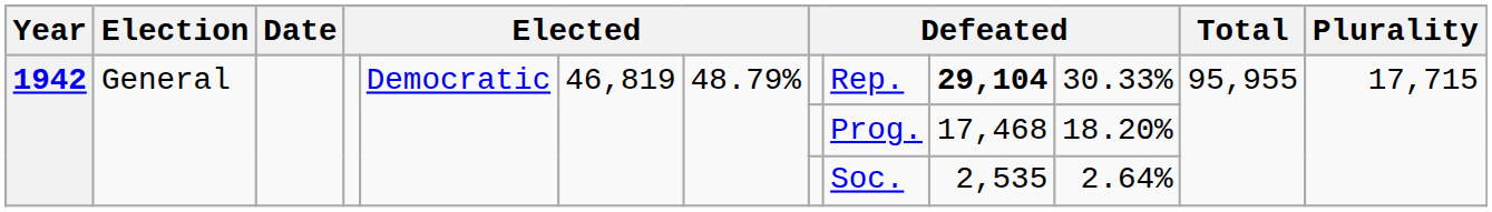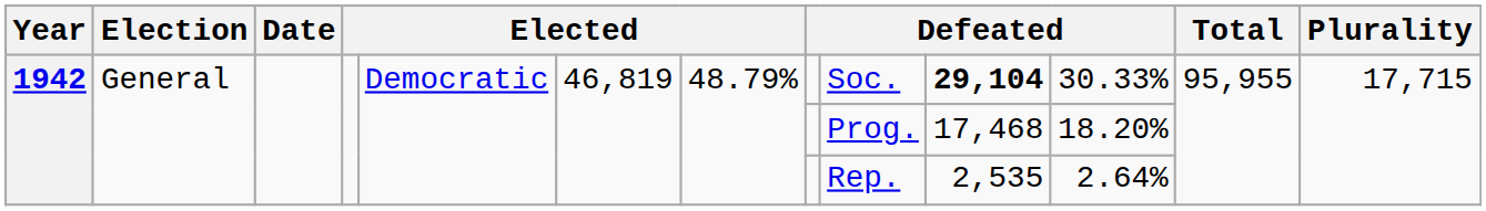 <table class=wikitable>
 <tr>
 <th>Year</th>
 <th>Election</th>
 <th>Date</th>
 <th ! colspan="4">Elected</th>
 <th ! colspan="4">Defeated</th>
 <th>Total</th>
 <th>Plurality</th>
 </tr>
 <tr>
 <th rowspan="3" valign="top"><a href='#'>1942</a></th>
 <td rowspan="3" valign="top">General</td>
 <td rowspan="3" valign="top"></td>
 <td rowspan="3" valign="top"></td>
 <td rowspan="3" valign="top" ><a href='#'>Democratic</a></td>
 <td rowspan="3" valign="top" align="right">46,819</td>
 <td rowspan="3" valign="top" align="right">48.79%</td>
 <td valign="top"></td>
-<td valign="top" ><a href='#'>Rep.</a></td>
+<td valign="top" ><a href='#'>Soc.</a></td>
 <td valign="top" align="right"><strong>29,104</strong></td>
 <td valign="top" align="right">30.33%</td>
 <td rowspan="3" valign="top" align="right">95,955</td>
 <td rowspan="3" valign="top" align="right">17,715</td>
 </tr>
 <tr>
 <td valign="top"></td>
 <td valign="top" ><a href='#'>Prog.</a></td>
 <td valign="top" align="right">17,468</td>
 <td valign="top" align="right">18.20%</td>
 </tr>
 <tr>
 <td valign="top"></td>
-<td valign="top" ><a href='#'>Soc.</a></td>
+<td valign="top" ><a href='#'>Rep.</a></td>
 <td valign="top" align="right">2,535</td>
 <td valign="top" align="right">2.64%</td>
 </tr>
 </table>
